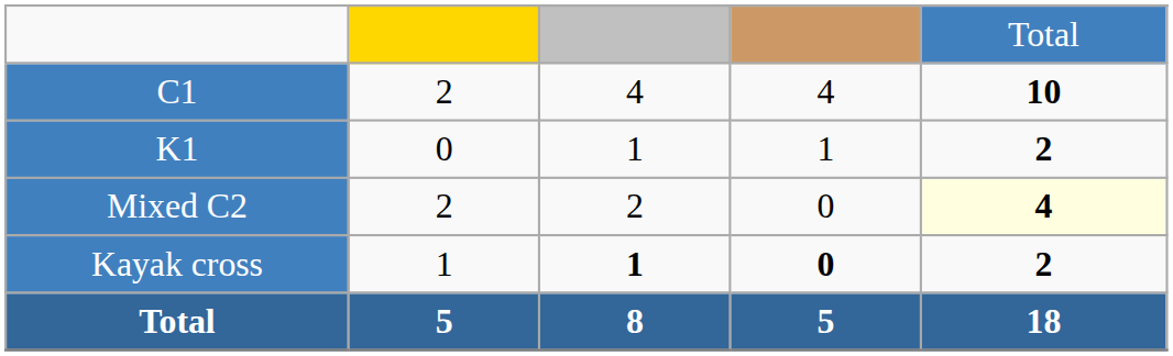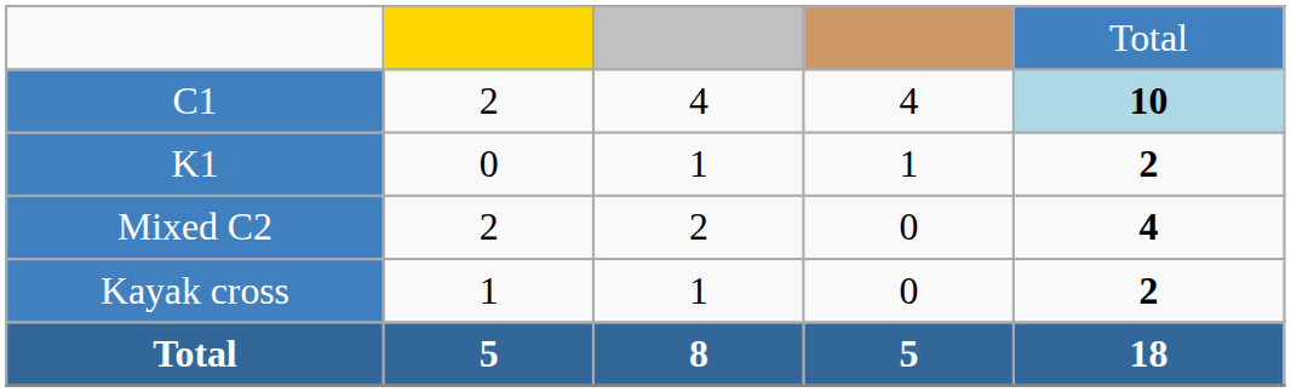 <table class="wikitable"  style="font-size:95%; text-align:center; border:gray solid 1px; width:40%;">
 <tr>
 <td rowspan="2" style="width:3%;"></td>
 </tr>
 <tr>
 <td style="width:2%;" bgcolor=gold></td>
 <td style="width:2%;" bgcolor=silver></td>
 <td style="width:2%;" bgcolor=cc9966></td>
 <td style="width:2%; background-color:#4180be; color:white;">Total</td>
 </tr>
 <tr>
 <td style="background-color:#4180be; color:white;">C1</td>
 <td>2</td>
 <td>4</td>
 <td>4</td>
-<td><strong>10</strong></td>
+<td style="background: lightblue;"><strong>10</strong></td>
 </tr>
 <tr>
 <td style="background-color:#4180be; color:white;">K1</td>
 <td>0</td>
 <td>1</td>
 <td>1</td>
 <td><strong>2</strong></td>
 </tr>
 <tr>
 <td style="background-color:#4180be; color:white;">Mixed C2</td>
 <td>2</td>
 <td>2</td>
 <td>0</td>
-<td style="background: lightyellow;"><strong>4</strong></td>
+<td><strong>4</strong></td>
 </tr>
 <tr>
 <td style="background-color:#4180be; color:white;">Kayak cross</td>
 <td>1</td>
-<td><strong>1</strong></td>
-<td><strong>0</strong></td>
+<td>1</td>
+<td>0</td>
 <td><strong>2</strong></td>
 </tr>
 <tr style="background:#369; color:white;">
 <td><strong>Total</strong></td>
 <td><strong>5</strong></td>
 <td><strong>8</strong></td>
 <td><strong>5</strong></td>
 <td><strong>18</strong></td>
 </tr>
 <tr>
 </tr>
 </table>
